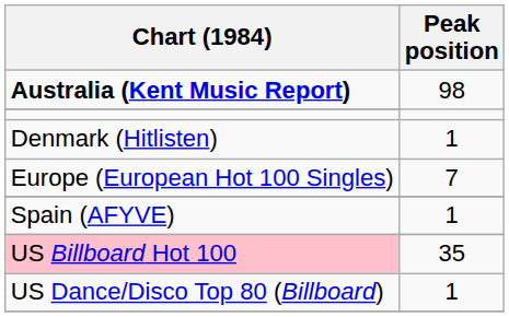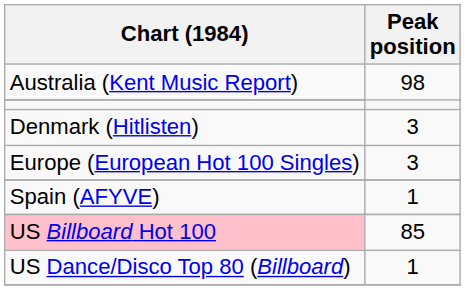 <table class="wikitable sortable">
 <tr>
 <th>Chart (1984)</th>
 <th>Peak<br>position</th>
 </tr>
 <tr>
-<td><strong>Australia (<a href='#'>Kent Music Report</a>)</strong></td>
+<td>Australia (<a href='#'>Kent Music Report</a>)</td>
 <td align="center">98</td>
 </tr>
 <tr>
 </tr>
 <tr>
 </tr>
 <tr>
 <td></td>
 </tr>
 <tr>
 <td>Denmark (<a href='#'>Hitlisten</a>)</td>
-<td style="text-align:center;">1</td>
+<td style="text-align:center;">3</td>
 </tr>
 <tr>
 <td>Europe (<a href='#'>European Hot 100 Singles</a>)</td>
-<td align="center">7</td>
+<td align="center">3</td>
 </tr>
 <tr>
 </tr>
 <tr>
 </tr>
 <tr>
 </tr>
 <tr>
 </tr>
 <tr>
 </tr>
 <tr>
 <td>Spain (<a href='#'>AFYVE</a>)</td>
 <td align="center">1</td>
 </tr>
 <tr>
 </tr>
 <tr>
 </tr>
 <tr>
 <td style="background: pink;">US <a href='#'><em>Billboard</em> Hot 100</a></td>
-<td align="center">35</td>
+<td align="center">85</td>
 </tr>
 <tr>
 <td>US <a href='#'>Dance/Disco Top 80</a> (<em><a href='#'>Billboard</a></em>)</td>
 <td align="center">1</td>
 </tr>
 <tr>
 </tr>
 </table>
